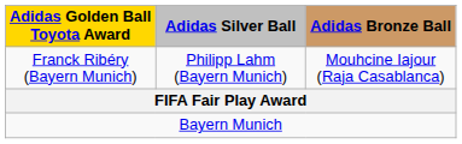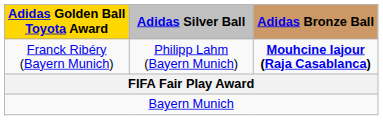 <table class="wikitable" style="text-align:center">
 <tr>
 <th style="background:gold; width:33%"><a href='#'>Adidas</a> Golden Ball<br><a href='#'>Toyota</a> Award</th>
 <th style="background:silver; width:33%"><a href='#'>Adidas</a> Silver Ball</th>
 <th style="background:#CC9966; width:33%"><a href='#'>Adidas</a> Bronze Ball</th>
 </tr>
 <tr>
 <td> <a href='#'>Franck Ribéry</a><br>(<a href='#'>Bayern Munich</a>)</td>
 <td> <a href='#'>Philipp Lahm</a><br>(<a href='#'>Bayern Munich</a>)</td>
-<td> <a href='#'>Mouhcine Iajour</a><br>(<a href='#'>Raja Casablanca</a>)</td>
+<td><strong> <a href='#'>Mouhcine Iajour</a><br>(<a href='#'>Raja Casablanca</a>)</strong></td>
 </tr>
 <tr>
 <th colspan="3">FIFA Fair Play Award</th>
 </tr>
 <tr>
 <td colspan="3"> <a href='#'>Bayern Munich</a></td>
 </tr>
 </table>
